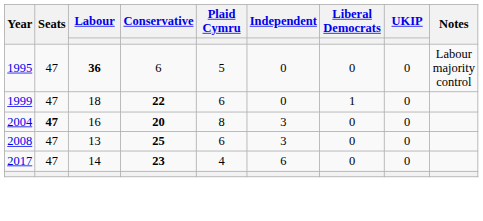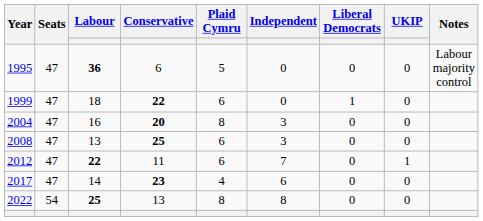 <table class="wikitable" style=text-align:center>
 <tr>
 <th rowspan=2>Year</th>
 <th rowspan=2>Seats</th>
 <th width="80"><a href='#'>Labour</a></th>
 <th width="80"><a href='#'>Conservative</a></th>
 <th width="80"><a href='#'>Plaid Cymru</a></th>
 <th width="80"><a href='#'>Independent</a></th>
 <th width="80"><a href='#'>Liberal Democrats</a></th>
 <th width="80"><a href='#'>UKIP</a></th>
 <th rowspan=2>Notes</th>
 </tr>
 <tr>
 <th style="background-color: "></th>
 <th style="background-color: "></th>
 <th style="background-color: "></th>
 <th style="background-color: "></th>
 <th style="background-color: "></th>
 <th style="background-color: "></th>
 </tr>
 <tr>
 <td><a href='#'>1995</a></td>
 <td>47</td>
 <td><strong>36</strong></td>
 <td>6</td>
 <td>5</td>
 <td>0</td>
 <td>0</td>
 <td>0</td>
 <td>Labour majority control</td>
 </tr>
 <tr>
 <td><a href='#'>1999</a></td>
 <td>47</td>
 <td>18</td>
 <td><strong>22</strong></td>
 <td>6</td>
 <td>0</td>
 <td>1</td>
 <td>0</td>
 <td></td>
 </tr>
 <tr>
 <td><a href='#'>2004</a></td>
-<td><strong>47</strong></td>
+<td>47</td>
 <td>16</td>
 <td><strong>20</strong></td>
 <td>8</td>
 <td>3</td>
 <td>0</td>
 <td>0</td>
 <td></td>
 </tr>
 <tr>
 <td><a href='#'>2008</a></td>
 <td>47</td>
 <td>13</td>
 <td><strong>25</strong></td>
 <td>6</td>
 <td>3</td>
 <td>0</td>
 <td>0</td>
 <td></td>
 </tr>
 <tr>
+<td><a href='#'>2012</a></td>
+<td>47</td>
+<td><strong>22</strong></td>
+<td>11</td>
+<td>6</td>
+<td>7</td>
+<td>0</td>
+<td>1</td>
+<td></td>
+</tr>
+<tr>
 <td><a href='#'>2017</a></td>
 <td>47</td>
 <td>14</td>
 <td><strong>23</strong></td>
 <td>4</td>
 <td>6</td>
 <td>0</td>
 <td>0</td>
+</tr>
+<tr>
+<td><a href='#'>2022</a></td>
+<td>54</td>
+<td><strong>25</strong></td>
+<td>13</td>
+<td>8</td>
+<td>8</td>
+<td>0</td>
+<td>0</td>
+<td></td>
 </tr>
 <tr>
 <th></th>
 <th></th>
 <th style="background-color: "></th>
 <th style="background-color: "></th>
 <th style="background-color: "></th>
 <th style="background-color: "></th>
 <th style="background-color: "></th>
 <th style="background-color: "></th>
 <th></th>
 </tr>
 </table>
